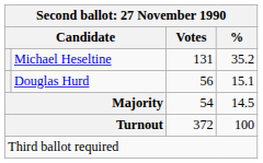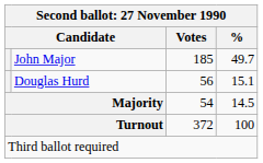 <table class="wikitable" style="font-size:95%;">
 <tr>
 <th colspan="4">Second ballot: 27 November 1990</th>
 </tr>
 <tr>
 <th colspan="2" style="width: 170px">Candidate</th>
 <th style="width: 50px">Votes</th>
 <th style="width: 40px">%</th>
 </tr>
 <tr>
 <th style="background-color: "></th>
-<td style="width: 170px"><a href='#'>Michael Heseltine</a></td>
-<td style="text-align:right;">131</td>
-<td style="text-align:right;">35.2</td>
+<td style="width: 170px"><a href='#'>John Major</a></td>
+<td style="text-align:right;">185</td>
+<td style="text-align:right;">49.7</td>
 </tr>
 <tr>
 <th style="background-color: "></th>
 <td style="width: 170px"><a href='#'>Douglas Hurd</a></td>
 <td style="text-align:right;">56</td>
 <td style="text-align:right;">15.1</td>
 </tr>
 <tr>
 <th colspan="2" style="text-align:right">Majority</th>
 <td style="text-align:right;">54</td>
 <td style="text-align:right;">14.5</td>
 </tr>
 <tr>
 <th colspan="2" style="text-align:right">Turnout</th>
 <td style="text-align:right;">372</td>
 <td align="right">100</td>
 </tr>
 <tr>
 <td colspan="4">Third ballot required</td>
 </tr>
 </table>
